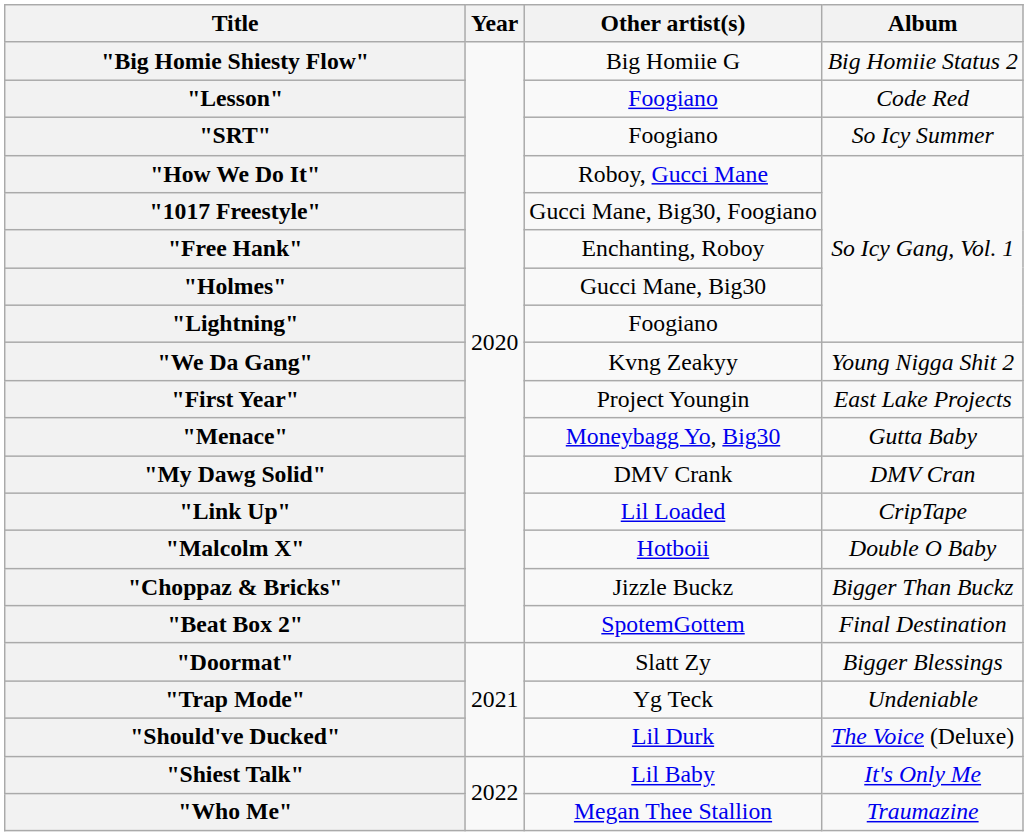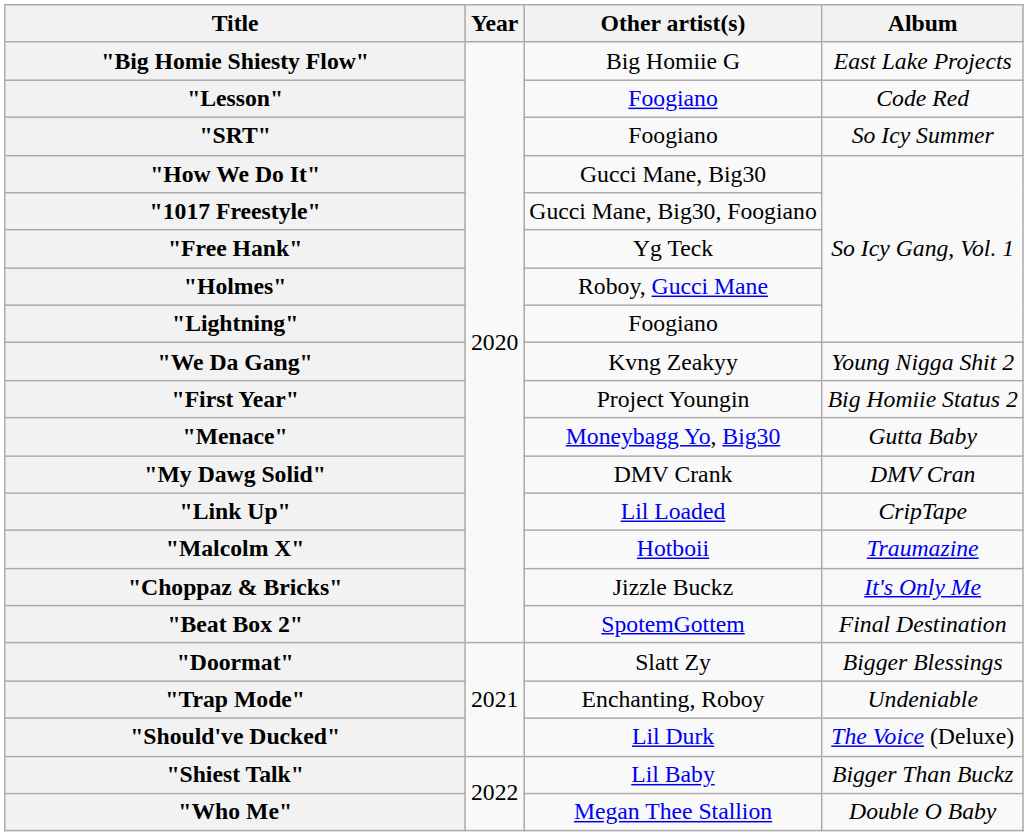 <table class="wikitable plainrowheaders" style="text-align:center;">
 <tr>
 <th scope="col" style="width:19em;">Title</th>
 <th scope="col">Year</th>
 <th scope="col">Other artist(s)</th>
 <th scope="col">Album</th>
 </tr>
 <tr>
 <th scope="row">"Big Homie Shiesty Flow"</th>
 <td rowspan="16">2020</td>
 <td>Big Homiie G</td>
-<td><em>Big Homiie Status 2</em></td>
+<td><em>East Lake Projects</em></td>
 </tr>
 <tr>
 <th scope="row">"Lesson"</th>
 <td><a href='#'>Foogiano</a></td>
 <td><em>Code Red</em></td>
 </tr>
 <tr>
 <th scope="row">"SRT"</th>
 <td>Foogiano</td>
 <td><em>So Icy Summer</em></td>
 </tr>
 <tr>
 <th scope="row">"How We Do It"</th>
-<td>Roboy, <a href='#'>Gucci Mane</a></td>
+<td>Gucci Mane, Big30</td>
 <td rowspan="5"><em>So Icy Gang, Vol. 1</em></td>
 </tr>
 <tr>
 <th scope="row">"1017 Freestyle"</th>
 <td>Gucci Mane, Big30, Foogiano</td>
 </tr>
 <tr>
 <th scope="row">"Free Hank"</th>
-<td>Enchanting, Roboy</td>
+<td>Yg Teck</td>
 </tr>
 <tr>
 <th scope="row">"Holmes"</th>
-<td>Gucci Mane, Big30</td>
+<td>Roboy, <a href='#'>Gucci Mane</a></td>
 </tr>
 <tr>
 <th scope="row">"Lightning"</th>
 <td>Foogiano</td>
 </tr>
 <tr>
 <th scope="row">"We Da Gang"</th>
 <td>Kvng Zeakyy</td>
 <td><em>Young Nigga Shit 2</em></td>
 </tr>
 <tr>
 <th scope="row">"First Year"</th>
 <td>Project Youngin</td>
-<td><em>East Lake Projects</em></td>
+<td><em>Big Homiie Status 2</em></td>
 </tr>
 <tr>
 <th scope="row">"Menace"</th>
 <td><a href='#'>Moneybagg Yo</a>, <a href='#'>Big30</a></td>
 <td><em>Gutta Baby</em></td>
 </tr>
 <tr>
 <th scope="row">"My Dawg Solid"</th>
 <td>DMV Crank</td>
 <td><em>DMV Cran</em></td>
 </tr>
 <tr>
 <th scope="row">"Link Up"</th>
 <td><a href='#'>Lil Loaded</a></td>
 <td><em>CripTape</em></td>
 </tr>
 <tr>
 <th scope="row">"Malcolm X"</th>
 <td><a href='#'>Hotboii</a></td>
-<td><em>Double O Baby</em></td>
+<td><em><a href='#'>Traumazine</a></em></td>
 </tr>
 <tr>
 <th scope="row">"Choppaz & Bricks"</th>
 <td>Jizzle Buckz</td>
-<td><em>Bigger Than Buckz</em></td>
+<td><em><a href='#'>It's Only Me</a></em></td>
 </tr>
 <tr>
 <th scope="row">"Beat Box 2"</th>
 <td><a href='#'>SpotemGottem</a></td>
 <td><em>Final Destination</em></td>
 </tr>
 <tr>
 <th scope="row">"Doormat"</th>
 <td rowspan="3">2021</td>
 <td>Slatt Zy</td>
 <td><em>Bigger Blessings</em></td>
 </tr>
 <tr>
 <th scope="row">"Trap Mode"</th>
-<td>Yg Teck</td>
+<td>Enchanting, Roboy</td>
 <td><em>Undeniable</em></td>
 </tr>
 <tr>
 <th scope="row">"Should've Ducked"</th>
 <td><a href='#'>Lil Durk</a></td>
 <td><em><a href='#'>The Voice</a></em> (Deluxe)</td>
 </tr>
 <tr>
 <th scope="row">"Shiest Talk"</th>
 <td rowspan="2">2022</td>
 <td><a href='#'>Lil Baby</a></td>
-<td><em><a href='#'>It's Only Me</a></em></td>
+<td><em>Bigger Than Buckz</em></td>
 </tr>
 <tr>
 <th scope="row">"Who Me"</th>
 <td><a href='#'>Megan Thee Stallion</a></td>
-<td><em><a href='#'>Traumazine</a></em></td>
+<td><em>Double O Baby</em></td>
 </tr>
 </table>
